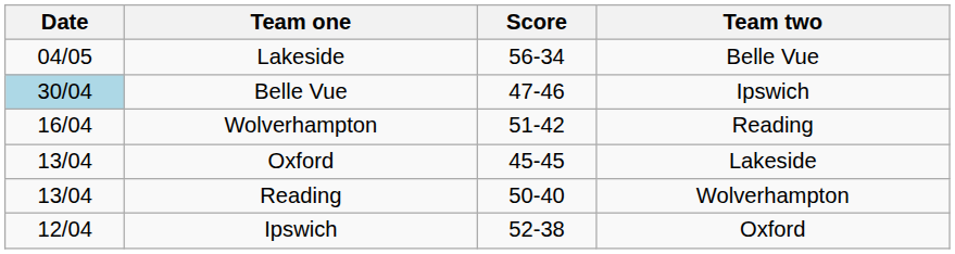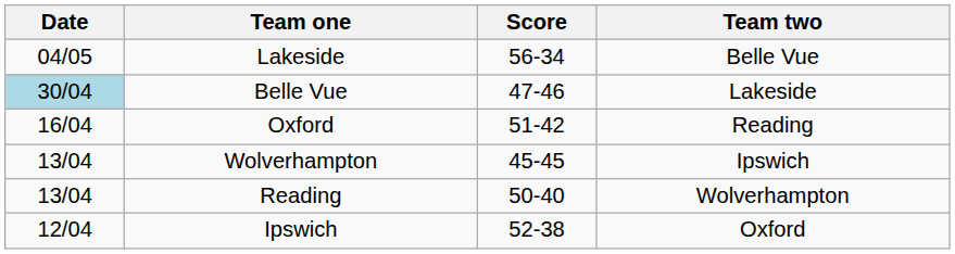 <table class="wikitable" style="text-align: center">
 <tr>
 <th width=80>Date</th>
 <th width=250>Team one</th>
 <th width=80>Score</th>
 <th width=250>Team two</th>
 </tr>
 <tr>
 <td>04/05</td>
 <td>Lakeside</td>
 <td>56-34</td>
 <td>Belle Vue</td>
 </tr>
 <tr>
 <td style="background: lightblue;">30/04</td>
 <td>Belle Vue</td>
 <td>47-46</td>
-<td>Ipswich</td>
+<td>Lakeside</td>
 </tr>
 <tr>
 <td>16/04</td>
-<td>Wolverhampton</td>
+<td>Oxford</td>
 <td>51-42</td>
 <td>Reading</td>
 </tr>
 <tr>
 <td>13/04</td>
-<td>Oxford</td>
+<td>Wolverhampton</td>
 <td>45-45</td>
-<td>Lakeside</td>
+<td>Ipswich</td>
 </tr>
 <tr>
 <td>13/04</td>
 <td>Reading</td>
 <td>50-40</td>
 <td>Wolverhampton</td>
 </tr>
 <tr>
 <td>12/04</td>
 <td>Ipswich</td>
 <td>52-38</td>
 <td>Oxford</td>
 </tr>
 </table>
